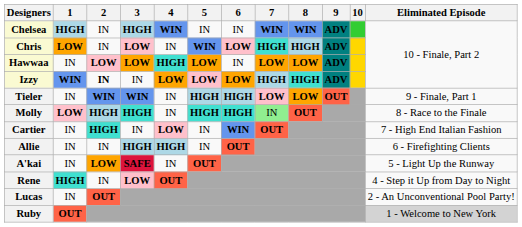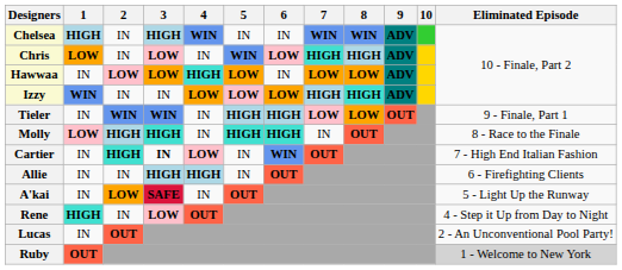 <table class="wikitable" style="text-align:center">
 <tr>
 <th>Designers</th>
 <th>1</th>
 <th>2</th>
 <th>3</th>
 <th>4</th>
 <th>5</th>
 <th>6</th>
 <th>7</th>
 <th>8</th>
 <th>9</th>
 <th>10</th>
 <th>Eliminated Episode</th>
 </tr>
 <tr>
 <th style="background:#FAFAD2;">Chelsea</th>
 <td style="background:lightblue"><strong>HIGH</strong></td>
 <td>IN</td>
 <td style="background:lightblue"><strong>HIGH</strong></td>
 <td style="background:cornflowerblue;"><strong>WIN</strong></td>
 <td>IN</td>
 <td>IN</td>
 <td style="background:cornflowerblue;"><strong>WIN</strong></td>
 <td style="background:cornflowerblue;"><strong>WIN</strong></td>
 <td style="background:teal;"><strong>ADV</strong></td>
 <td style="background:Limegreen;"><strong></strong></td>
 <td rowspan="4">10 - Finale, Part 2</td>
 </tr>
 <tr>
 <th style="background:#FAFAD2;">Chris</th>
 <td style="background:orange;"><strong>LOW</strong></td>
 <td>IN</td>
 <td style="background:pink;"><strong>LOW</strong></td>
 <td>IN</td>
 <td style="background:cornflowerblue;"><strong>WIN</strong></td>
 <td style="background:pink;"><strong>LOW</strong></td>
 <td style="background:turquoise"><strong>HIGH</strong></td>
 <td style="background:lightblue;"><strong>HIGH</strong></td>
 <td style="background:teal;"><strong>ADV</strong></td>
 <td style="background:gold;"></td>
 </tr>
 <tr>
 <th style="background:#FAFAD2;">Hawwaa</th>
 <td>IN</td>
 <td style="background:pink;"><strong>LOW</strong></td>
 <td style="background:orange;"><strong>LOW</strong></td>
 <td style="background:turquoise;"><strong>HIGH</strong></td>
 <td style="background:orange;"><strong>LOW</strong></td>
 <td>IN</td>
 <td style="background:orange;"><strong>LOW</strong></td>
 <td style="background:orange;"><strong>LOW</strong></td>
 <td style="background:teal;"><strong>ADV</strong></td>
 <td style="background:gold;"></td>
 </tr>
 <tr>
 <th style="background:#FAFAD2;">Izzy</th>
 <td style="background:cornflowerblue;"><strong>WIN</strong></td>
-<td><strong>IN</strong></td>
+<td>IN</td>
 <td>IN</td>
 <td style="background:orange;"><strong>LOW</strong></td>
 <td style="background:pink;"><strong>LOW</strong></td>
 <td style="background:orange;"><strong>LOW</strong></td>
 <td style="background:lightblue;"><strong>HIGH</strong></td>
 <td style="background:turquoise;"><strong>HIGH</strong></td>
 <td style="background:teal;"><strong>ADV</strong></td>
 <td style="background:gold;"></td>
 </tr>
 <tr>
 <th>Tieler</th>
 <td>IN</td>
 <td style="background:cornflowerblue;"><strong>WIN</strong></td>
 <td style="background:cornflowerblue;"><strong>WIN</strong></td>
 <td>IN</td>
 <td style="background:lightblue;"><strong>HIGH</strong></td>
 <td style="background:lightblue;"><strong>HIGH</strong></td>
 <td style="background:pink;"><strong>LOW</strong></td>
 <td style="background:orange;"><strong>LOW</strong></td>
 <td style="background:tomato;"><strong>OUT</strong></td>
 <td colspan="1" style="background:darkgrey;"></td>
 <td style="text-align:center">9 - Finale, Part 1</td>
 </tr>
 <tr>
 <th>Molly</th>
 <td style="background:pink;"><strong>LOW</strong></td>
 <td style="background:lightblue;"><strong>HIGH</strong></td>
 <td style="background:turquoise;"><strong>HIGH</strong></td>
 <td>IN</td>
 <td style="background:turquoise;"><strong>HIGH</strong></td>
 <td style="background:turquoise;"><strong>HIGH</strong></td>
-<td style="background: lightgreen;">IN</td>
+<td>IN</td>
 <td style="background:tomato;"><strong>OUT</strong></td>
 <td colspan="2" style="background:darkgrey;"></td>
 <td style="text-align:center">8 - Race to the Finale</td>
 </tr>
 <tr>
 <th>Cartier</th>
 <td>IN</td>
 <td style="background:turquoise;"><strong>HIGH</strong></td>
-<td>IN</td>
+<td><strong>IN</strong></td>
 <td style="background:pink;"><strong>LOW</strong></td>
 <td>IN</td>
 <td style="background:cornflowerblue;"><strong>WIN</strong></td>
 <td style="background:tomato;"><strong>OUT</strong></td>
 <td colspan="3" style="background:darkgrey;"></td>
 <td style="text-align:center">7 - High End Italian Fashion</td>
 </tr>
 <tr>
 <th>Allie</th>
 <td>IN</td>
 <td>IN</td>
 <td style="background:lightblue"><strong>HIGH</strong></td>
 <td style="background:lightblue"><strong>HIGH</strong></td>
 <td>IN</td>
 <td style="background:tomato;"><strong>OUT</strong></td>
 <td colspan="4" style="background:darkgrey;"></td>
 <td style="text-align:center">6 - Firefighting Clients</td>
 </tr>
 <tr>
 <th>A'kai</th>
 <td>IN</td>
 <td style="background:orange;"><strong>LOW</strong></td>
 <td style="background:crimson;"><strong>SAFE</strong></td>
 <td>IN</td>
 <td style="background:tomato;"><strong>OUT</strong></td>
 <td colspan="5" style="background:darkgrey;"></td>
 <td style="text-align:center">5 - Light Up the Runway</td>
 </tr>
 <tr>
 <th>Rene</th>
 <td style="background:turquoise;"><strong>HIGH</strong></td>
 <td>IN</td>
 <td style="background:pink;"><strong>LOW</strong></td>
 <td style="background:tomato;"><strong>OUT</strong></td>
 <td colspan="6" style="background:darkgrey;"></td>
 <td style="text-align:center">4 - Step it Up from Day to Night</td>
 </tr>
 <tr>
 <th>Lucas</th>
 <td>IN</td>
 <td style="background:tomato;"><strong>OUT</strong></td>
 <td colspan="8" style="background:darkgrey;"></td>
 <td style="text-align:center">2 - An Unconventional Pool Party!</td>
 </tr>
 <tr>
 <th>Ruby</th>
 <td style="background:tomato;"><strong>OUT</strong></td>
 <td colspan="9" style="background:darkgrey;"></td>
 <td style="background: lightgrey; text-align:center">1 - Welcome to New York</td>
 </tr>
 </table>
